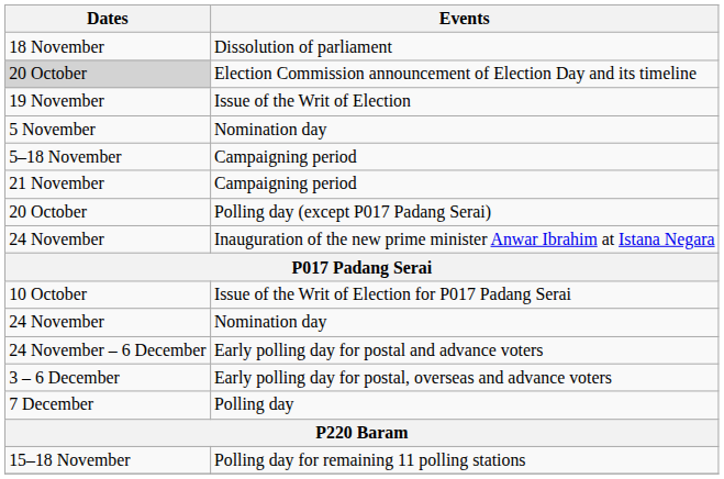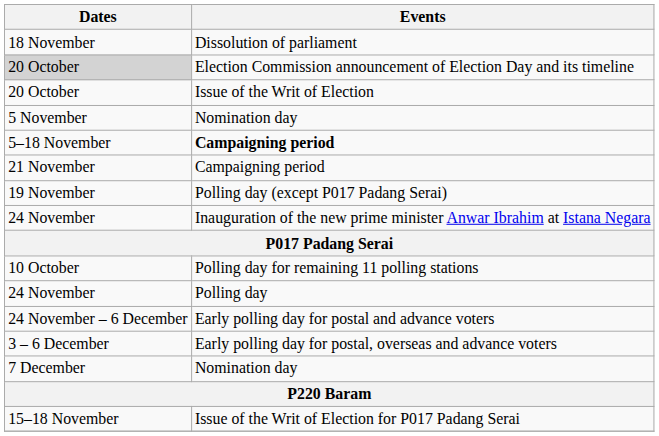 <table class="wikitable">
 <tr>
 <th>Dates</th>
 <th>Events</th>
 </tr>
 <tr>
 <td>18 November</td>
 <td>Dissolution of parliament</td>
 </tr>
 <tr>
 <td style="background: lightgrey;">20 October</td>
 <td>Election Commission announcement of Election Day and its timeline</td>
 </tr>
 <tr>
-<td>19 November</td>
+<td>20 October</td>
 <td>Issue of the Writ of Election</td>
 </tr>
 <tr>
 <td>5 November</td>
 <td>Nomination day</td>
 </tr>
 <tr>
 <td>5–18 November</td>
-<td>Campaigning period</td>
+<td><strong>Campaigning period</strong></td>
 </tr>
 <tr>
 <td>21 November</td>
 <td>Campaigning period</td>
 </tr>
 <tr>
-<td>20 October</td>
+<td>19 November</td>
 <td>Polling day (except P017 Padang Serai)</td>
 </tr>
 <tr>
 <td>24 November</td>
 <td>Inauguration of the new prime minister <a href='#'>Anwar Ibrahim</a> at <a href='#'>Istana Negara</a></td>
 </tr>
 <tr>
 <th colspan="2">P017 Padang Serai</th>
 </tr>
 <tr>
 <td>10 October</td>
-<td>Issue of the Writ of Election for P017 Padang Serai</td>
+<td>Polling day for remaining 11 polling stations</td>
 </tr>
 <tr>
 <td>24 November</td>
-<td>Nomination day</td>
+<td>Polling day</td>
 </tr>
 <tr>
 <td>24 November – 6 December</td>
 <td>Early polling day for postal and advance voters</td>
 </tr>
 <tr>
 <td>3 – 6 December</td>
 <td>Early polling day for postal, overseas and advance voters</td>
 </tr>
 <tr>
 <td>7 December</td>
-<td>Polling day</td>
+<td>Nomination day</td>
 </tr>
 <tr>
 <th colspan="2">P220 Baram</th>
 </tr>
 <tr>
 <td>15–18 November</td>
-<td>Polling day for remaining 11 polling stations</td>
+<td>Issue of the Writ of Election for P017 Padang Serai</td>
 </tr>
 <tr>
 </tr>
 </table>
